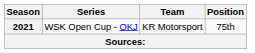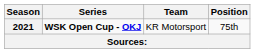 <table class="wikitable" style="font-size: 85%; text-align:center">
 <tr>
 <th>Season</th>
 <th>Series</th>
 <th>Team</th>
 <th>Position</th>
 </tr>
 <tr>
 <th>2021</th>
-<td align="left">WSK Open Cup - <a href='#'>OKJ</a></td>
+<td align="left"><strong>WSK Open Cup - <a href='#'>OKJ</a></strong></td>
 <td align="left">KR Motorsport</td>
 <td style="background:#;">75th</td>
 </tr>
 <tr>
 <th colspan="4">Sources:</th>
 </tr>
 </table>
